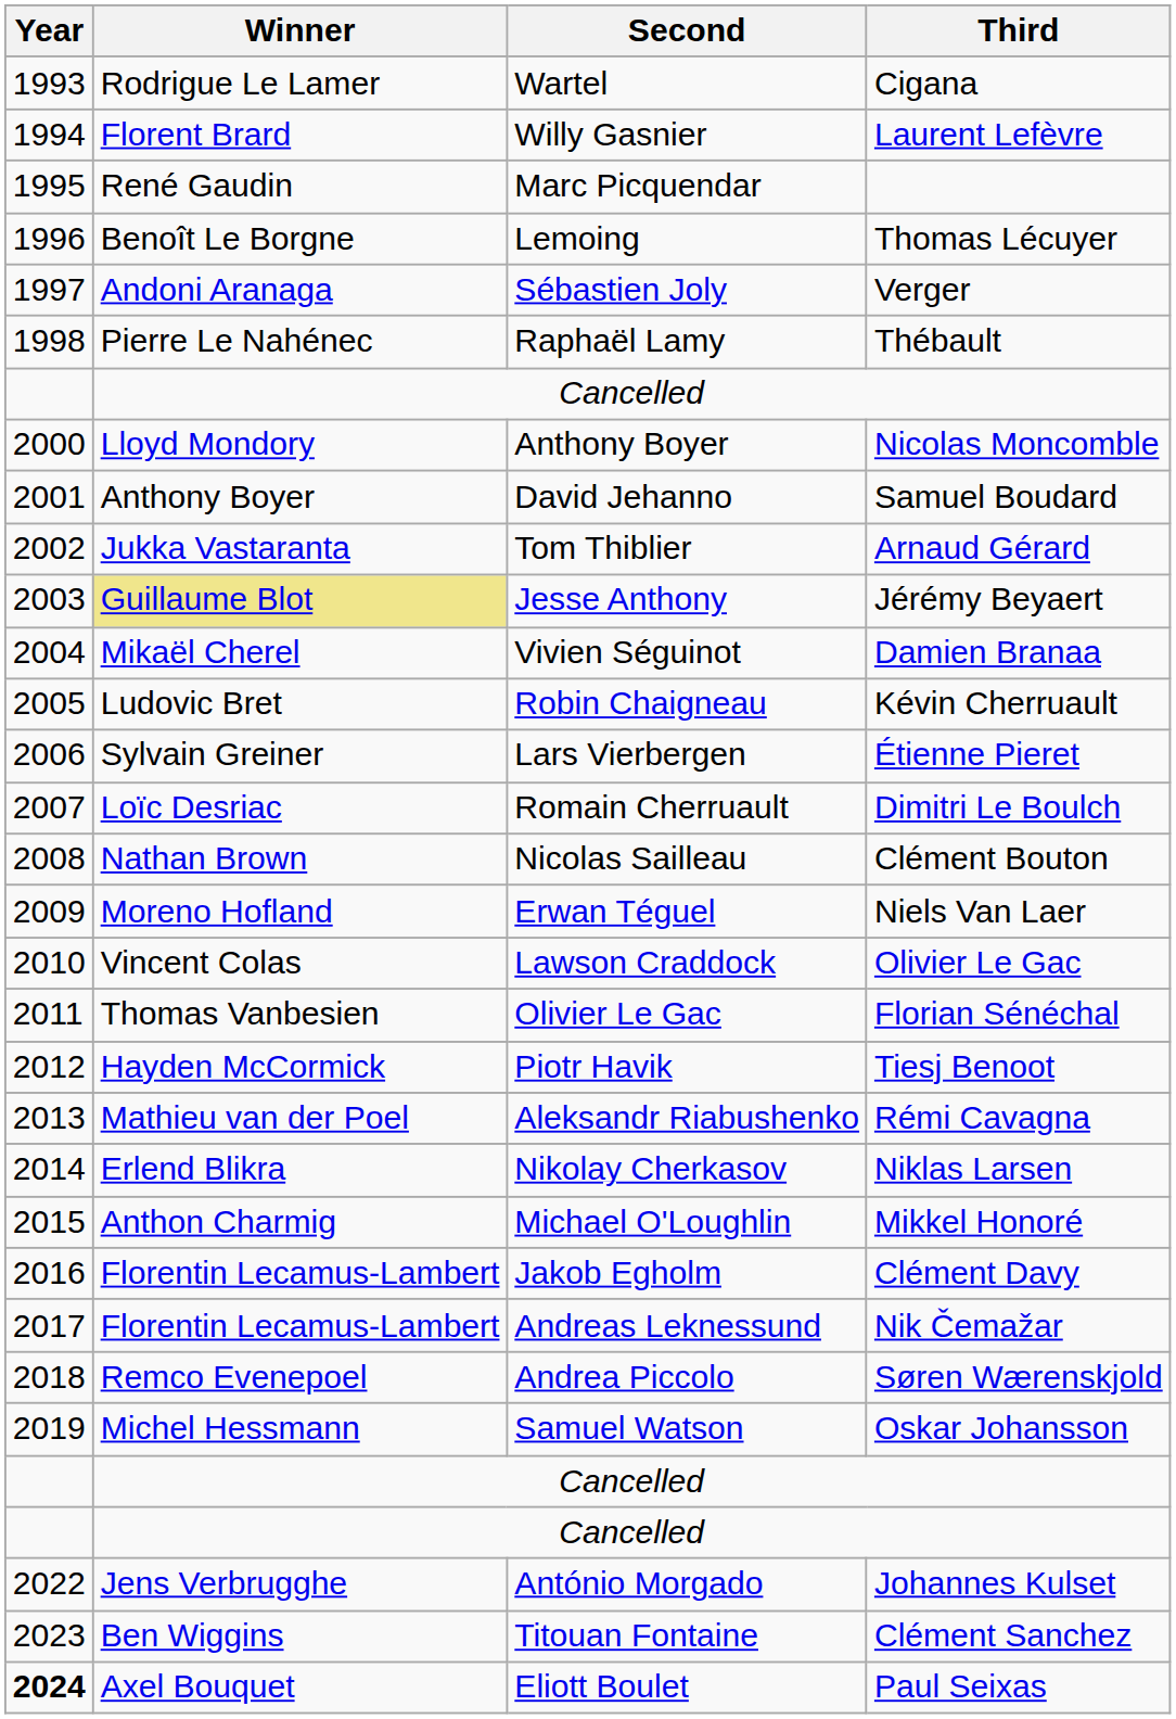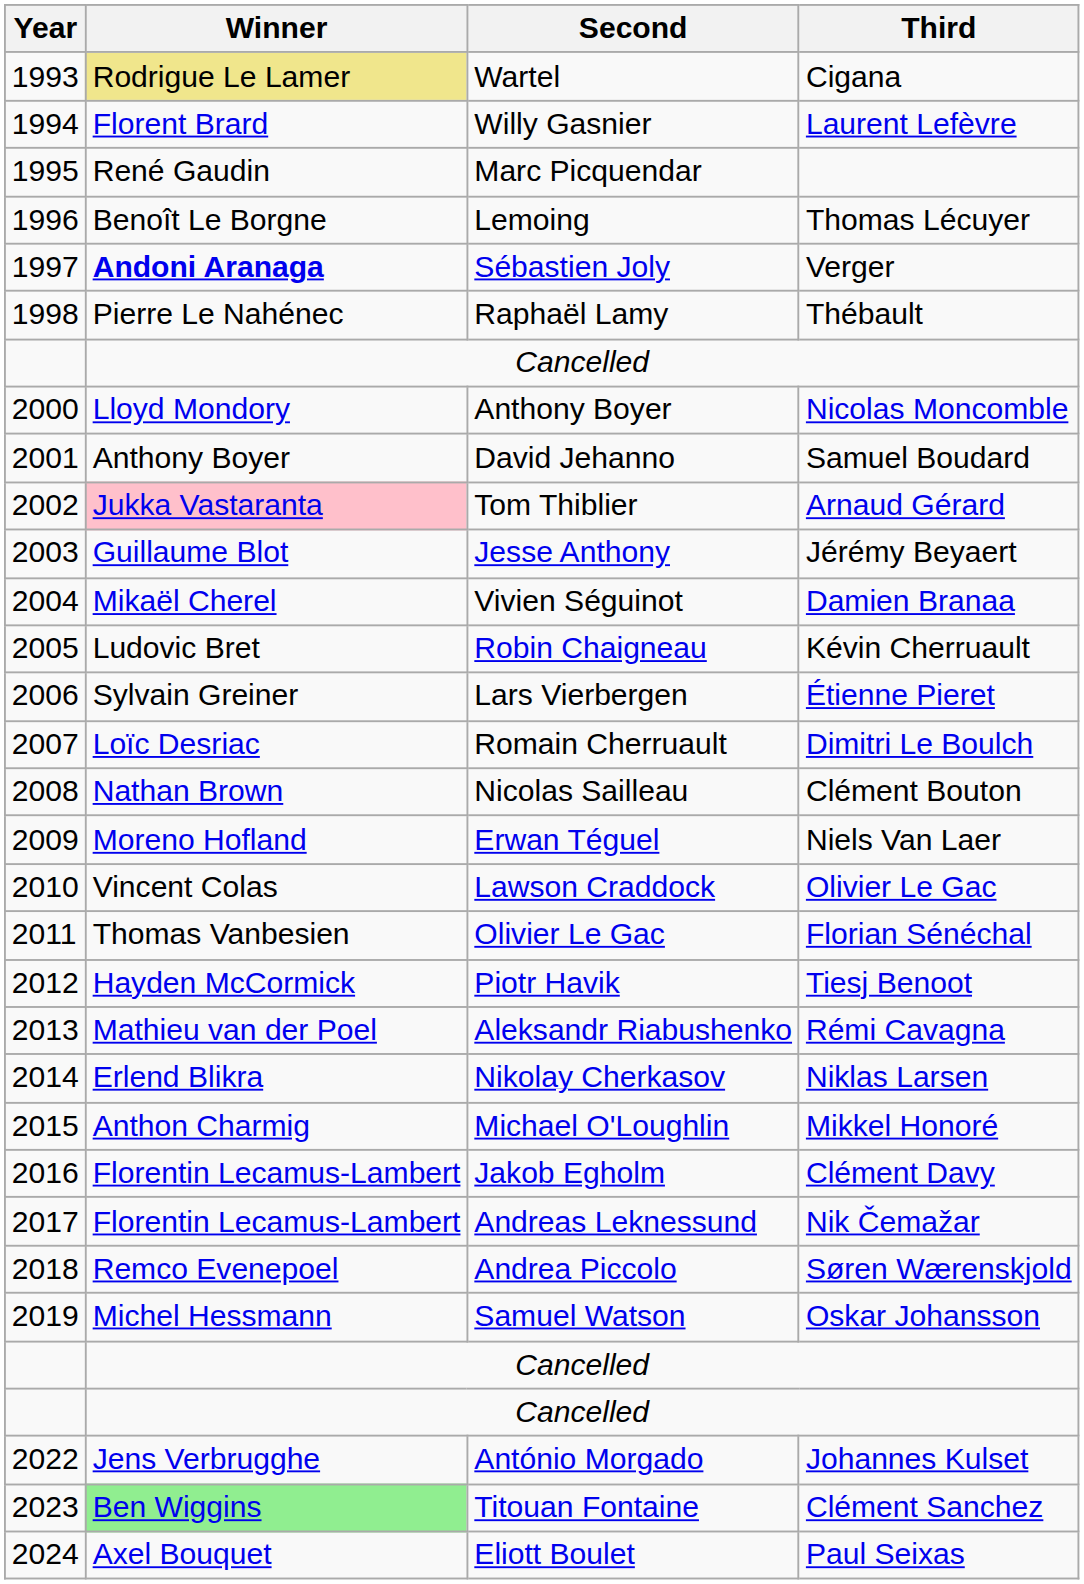 <table class=wikitable>
 <tr>
 <th>Year</th>
 <th>Winner</th>
 <th>Second</th>
 <th>Third</th>
 </tr>
 <tr>
 <td>1993</td>
-<td> Rodrigue Le Lamer</td>
+<td style="background: khaki;"> Rodrigue Le Lamer</td>
 <td> Wartel</td>
 <td> Cigana</td>
 </tr>
 <tr>
 <td>1994</td>
 <td> <a href='#'>Florent Brard</a></td>
 <td> Willy Gasnier</td>
 <td> <a href='#'>Laurent Lefèvre</a></td>
 </tr>
 <tr>
 <td>1995</td>
 <td> René Gaudin</td>
 <td> Marc Picquendar</td>
 <td></td>
 </tr>
 <tr>
 <td>1996</td>
 <td> Benoît Le Borgne</td>
 <td> Lemoing</td>
 <td> Thomas Lécuyer</td>
 </tr>
 <tr>
 <td>1997</td>
-<td> <a href='#'>Andoni Aranaga</a></td>
+<td><strong> <a href='#'>Andoni Aranaga</a></strong></td>
 <td> <a href='#'>Sébastien Joly</a></td>
 <td> Verger</td>
 </tr>
 <tr>
 <td>1998</td>
 <td> Pierre Le Nahénec</td>
 <td> Raphaël Lamy</td>
 <td> Thébault</td>
 </tr>
 <tr>
 <td></td>
 <td colspan=3 align=center><em>Cancelled</em></td>
 </tr>
 <tr>
 <td>2000</td>
 <td> <a href='#'>Lloyd Mondory</a></td>
 <td> Anthony Boyer</td>
 <td> <a href='#'>Nicolas Moncomble</a></td>
 </tr>
 <tr>
 <td>2001</td>
 <td> Anthony Boyer</td>
 <td> David Jehanno</td>
 <td> Samuel Boudard</td>
 </tr>
 <tr>
 <td>2002</td>
-<td> <a href='#'>Jukka Vastaranta</a></td>
+<td style="background: pink;"> <a href='#'>Jukka Vastaranta</a></td>
 <td> Tom Thiblier</td>
 <td> <a href='#'>Arnaud Gérard</a></td>
 </tr>
 <tr>
 <td>2003</td>
-<td style="background: khaki;"> <a href='#'>Guillaume Blot</a></td>
+<td> <a href='#'>Guillaume Blot</a></td>
 <td> <a href='#'>Jesse Anthony</a></td>
 <td> Jérémy Beyaert</td>
 </tr>
 <tr>
 <td>2004</td>
 <td> <a href='#'>Mikaël Cherel</a></td>
 <td> Vivien Séguinot</td>
 <td> <a href='#'>Damien Branaa</a></td>
 </tr>
 <tr>
 <td>2005</td>
 <td> Ludovic Bret</td>
 <td> <a href='#'>Robin Chaigneau</a></td>
 <td> Kévin Cherruault</td>
 </tr>
 <tr>
 <td>2006</td>
 <td> Sylvain Greiner</td>
 <td> Lars Vierbergen</td>
 <td> <a href='#'>Étienne Pieret</a></td>
 </tr>
 <tr>
 <td>2007</td>
 <td> <a href='#'>Loïc Desriac</a></td>
 <td> Romain Cherruault</td>
 <td> <a href='#'>Dimitri Le Boulch</a></td>
 </tr>
 <tr>
 <td>2008</td>
 <td> <a href='#'>Nathan Brown</a></td>
 <td> Nicolas Sailleau</td>
 <td> Clément Bouton</td>
 </tr>
 <tr>
 <td>2009</td>
 <td> <a href='#'>Moreno Hofland</a></td>
 <td> <a href='#'>Erwan Téguel</a></td>
 <td> Niels Van Laer</td>
 </tr>
 <tr>
 <td>2010</td>
 <td> Vincent Colas</td>
 <td> <a href='#'>Lawson Craddock</a></td>
 <td> <a href='#'>Olivier Le Gac</a></td>
 </tr>
 <tr>
 <td>2011</td>
 <td> Thomas Vanbesien</td>
 <td> <a href='#'>Olivier Le Gac</a></td>
 <td> <a href='#'>Florian Sénéchal</a></td>
 </tr>
 <tr>
 <td>2012</td>
 <td> <a href='#'>Hayden McCormick</a></td>
 <td> <a href='#'>Piotr Havik</a></td>
 <td> <a href='#'>Tiesj Benoot</a></td>
 </tr>
 <tr>
 <td>2013</td>
 <td> <a href='#'>Mathieu van der Poel</a></td>
 <td> <a href='#'>Aleksandr Riabushenko</a></td>
 <td> <a href='#'>Rémi Cavagna</a></td>
 </tr>
 <tr>
 <td>2014</td>
 <td> <a href='#'>Erlend Blikra</a></td>
 <td> <a href='#'>Nikolay Cherkasov</a></td>
 <td> <a href='#'>Niklas Larsen</a></td>
 </tr>
 <tr>
 <td>2015</td>
 <td> <a href='#'>Anthon Charmig</a></td>
 <td> <a href='#'>Michael O'Loughlin</a></td>
 <td> <a href='#'>Mikkel Honoré</a></td>
 </tr>
 <tr>
 <td>2016</td>
 <td> <a href='#'>Florentin Lecamus-Lambert</a></td>
 <td> <a href='#'>Jakob Egholm</a></td>
 <td> <a href='#'>Clément Davy</a></td>
 </tr>
 <tr>
 <td>2017</td>
 <td> <a href='#'>Florentin Lecamus-Lambert</a></td>
 <td> <a href='#'>Andreas Leknessund</a></td>
 <td> <a href='#'>Nik Čemažar</a></td>
 </tr>
 <tr>
 <td>2018</td>
 <td> <a href='#'>Remco Evenepoel</a></td>
 <td> <a href='#'>Andrea Piccolo</a></td>
 <td> <a href='#'>Søren Wærenskjold</a></td>
 </tr>
 <tr>
 <td>2019</td>
 <td> <a href='#'>Michel Hessmann</a></td>
 <td> <a href='#'>Samuel Watson</a></td>
 <td> <a href='#'>Oskar Johansson</a></td>
 </tr>
 <tr>
 <td></td>
 <td colspan=3 align=center><em>Cancelled</em></td>
 </tr>
 <tr>
 <td></td>
 <td colspan=3 align=center><em>Cancelled</em></td>
 </tr>
 <tr>
 <td>2022</td>
 <td> <a href='#'>Jens Verbrugghe</a></td>
 <td> <a href='#'>António Morgado</a></td>
 <td> <a href='#'>Johannes Kulset</a></td>
 </tr>
 <tr>
 <td>2023</td>
-<td> <a href='#'>Ben Wiggins</a></td>
+<td style="background: lightgreen;"> <a href='#'>Ben Wiggins</a></td>
 <td> <a href='#'>Titouan Fontaine</a></td>
 <td> <a href='#'>Clément Sanchez</a></td>
 </tr>
 <tr>
-<td><strong>2024</strong></td>
+<td>2024</td>
 <td> <a href='#'>Axel Bouquet</a></td>
 <td> <a href='#'>Eliott Boulet</a></td>
 <td> <a href='#'>Paul Seixas</a></td>
 </tr>
 </table>
